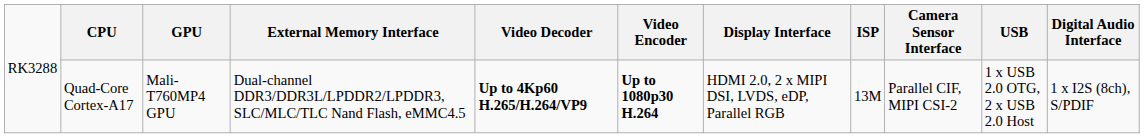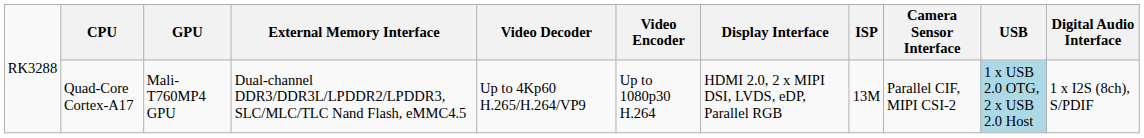 <table class="wikitable">
 <tr>
 <td rowspan="2">RK3288</td>
 <th>CPU</th>
 <th>GPU</th>
 <th>External Memory Interface</th>
 <th>Video Decoder</th>
 <th>Video Encoder</th>
 <th>Display Interface</th>
 <th>ISP</th>
 <th>Camera Sensor Interface</th>
 <th>USB</th>
 <th>Digital Audio Interface</th>
 </tr>
 <tr>
 <td>Quad-Core Cortex-A17</td>
 <td>Mali-T760MP4 GPU</td>
 <td>Dual-channel DDR3/DDR3L/LPDDR2/LPDDR3,<br>SLC/MLC/TLC Nand Flash, eMMC4.5</td>
-<td><strong>Up to 4Kp60 H.265/H.264/VP9</strong></td>
-<td><strong>Up to 1080p30 H.264</strong></td>
+<td>Up to 4Kp60 H.265/H.264/VP9</td>
+<td>Up to 1080p30 H.264</td>
 <td>HDMI 2.0, 2 x MIPI DSI, LVDS, eDP, Parallel RGB</td>
 <td>13M</td>
 <td>Parallel CIF, MIPI CSI-2</td>
-<td>1 x USB 2.0 OTG,<br>2 x USB 2.0 Host</td>
+<td style="background: lightblue;">1 x USB 2.0 OTG,<br>2 x USB 2.0 Host</td>
 <td>1 x I2S (8ch),<br>S/PDIF</td>
 </tr>
 </table>
